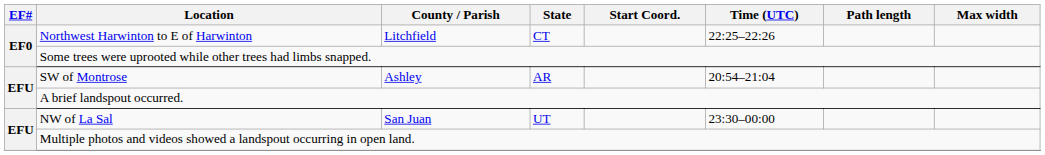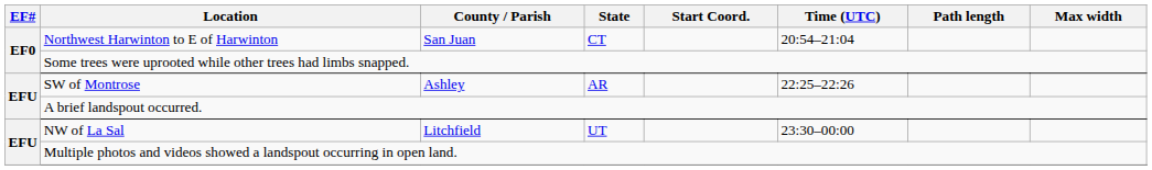 <table class="wikitable sortable" style="width:100%;">
 <tr>
 <th scope="col" width="2%" align="center"><a href='#'>EF#</a></th>
 <th scope="col" align="center" class="unsortable">Location</th>
 <th scope="col" align="center" class="unsortable">County / Parish</th>
 <th scope="col" align="center">State</th>
 <th scope="col" align="center">Start Coord.</th>
 <th scope="col" align="center">Time (<a href='#'>UTC</a>)</th>
 <th scope="col" align="center">Path length</th>
 <th scope="col" align="center">Max width</th>
 </tr>
 <tr>
 <th scope="row" rowspan="2" style="background-color:#">EF0</th>
 <td><a href='#'>Northwest Harwinton</a> to E of <a href='#'>Harwinton</a></td>
-<td><a href='#'>Litchfield</a></td>
+<td><a href='#'>San Juan</a></td>
 <td><a href='#'>CT</a></td>
 <td></td>
-<td>22:25–22:26</td>
+<td>20:54–21:04</td>
 <td></td>
 <td></td>
 </tr>
 <tr class="expand-child">
 <td colspan="8" style=" border-bottom: 1px solid black;">Some trees were uprooted while other trees had limbs snapped.</td>
 </tr>
 <tr>
 <th scope="row" rowspan="2" style="background-color:#">EFU</th>
 <td>SW of <a href='#'>Montrose</a></td>
 <td><a href='#'>Ashley</a></td>
 <td><a href='#'>AR</a></td>
 <td></td>
-<td>20:54–21:04</td>
+<td>22:25–22:26</td>
 <td></td>
 <td></td>
 </tr>
 <tr class="expand-child">
 <td colspan="8" style=" border-bottom: 1px solid black;">A brief landspout occurred.</td>
 </tr>
 <tr>
 <th scope="row" rowspan="2" style="background-color:#">EFU</th>
 <td>NW of <a href='#'>La Sal</a></td>
-<td><a href='#'>San Juan</a></td>
+<td><a href='#'>Litchfield</a></td>
 <td><a href='#'>UT</a></td>
 <td></td>
 <td>23:30–00:00</td>
 <td></td>
 <td></td>
 </tr>
 <tr class="expand-child">
 <td colspan="8" style=" border-bottom: 1px solid black;">Multiple photos and videos showed a landspout occurring in open land.</td>
 </tr>
 <tr>
 </tr>
 </table>
